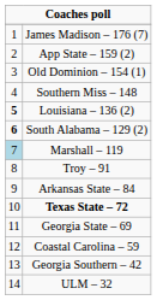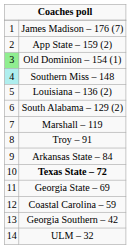 <table class="wikitable" style="display: inline-table;">
 <tr>
 <td align="center" Colspan="3"><strong>Coaches poll</strong></td>
 </tr>
 <tr align="center">
 </tr>
 <tr align="center">
 <td>1</td>
 <td>James Madison – 176 (7)</td>
 </tr>
 <tr align="center">
 <td>2</td>
 <td>App State – 159 (2)</td>
 </tr>
 <tr align="center">
-<td>3</td>
+<td style="background: lightgreen;">3</td>
 <td>Old Dominion – 154 (1)</td>
 </tr>
 <tr align="center">
-<td>4</td>
+<td style="background: paleturquoise;">4</td>
 <td>Southern Miss – 148</td>
 </tr>
 <tr align="center">
-<td><strong>5</strong></td>
+<td>5</td>
 <td>Louisiana – 136 (2)</td>
 </tr>
 <tr align="center">
-<td><strong>6</strong></td>
+<td>6</td>
 <td>South Alabama – 129 (2)</td>
 </tr>
 <tr align="center">
-<td style="background: lightblue;">7</td>
+<td>7</td>
 <td>Marshall – 119</td>
 </tr>
 <tr align="center">
 <td>8</td>
 <td>Troy – 91</td>
 </tr>
 <tr align="center">
 <td>9</td>
 <td>Arkansas State – 84</td>
 </tr>
 <tr align="center">
 <td>10</td>
 <td><strong>Texas State – 72</strong></td>
 </tr>
 <tr align="center">
 <td>11</td>
 <td>Georgia State – 69</td>
 </tr>
 <tr align="center">
 <td>12</td>
 <td>Coastal Carolina – 59</td>
 </tr>
 <tr align="center">
 <td>13</td>
 <td>Georgia Southern – 42</td>
 </tr>
 <tr align="center">
 <td>14</td>
 <td>ULM – 32</td>
 </tr>
 </table>
